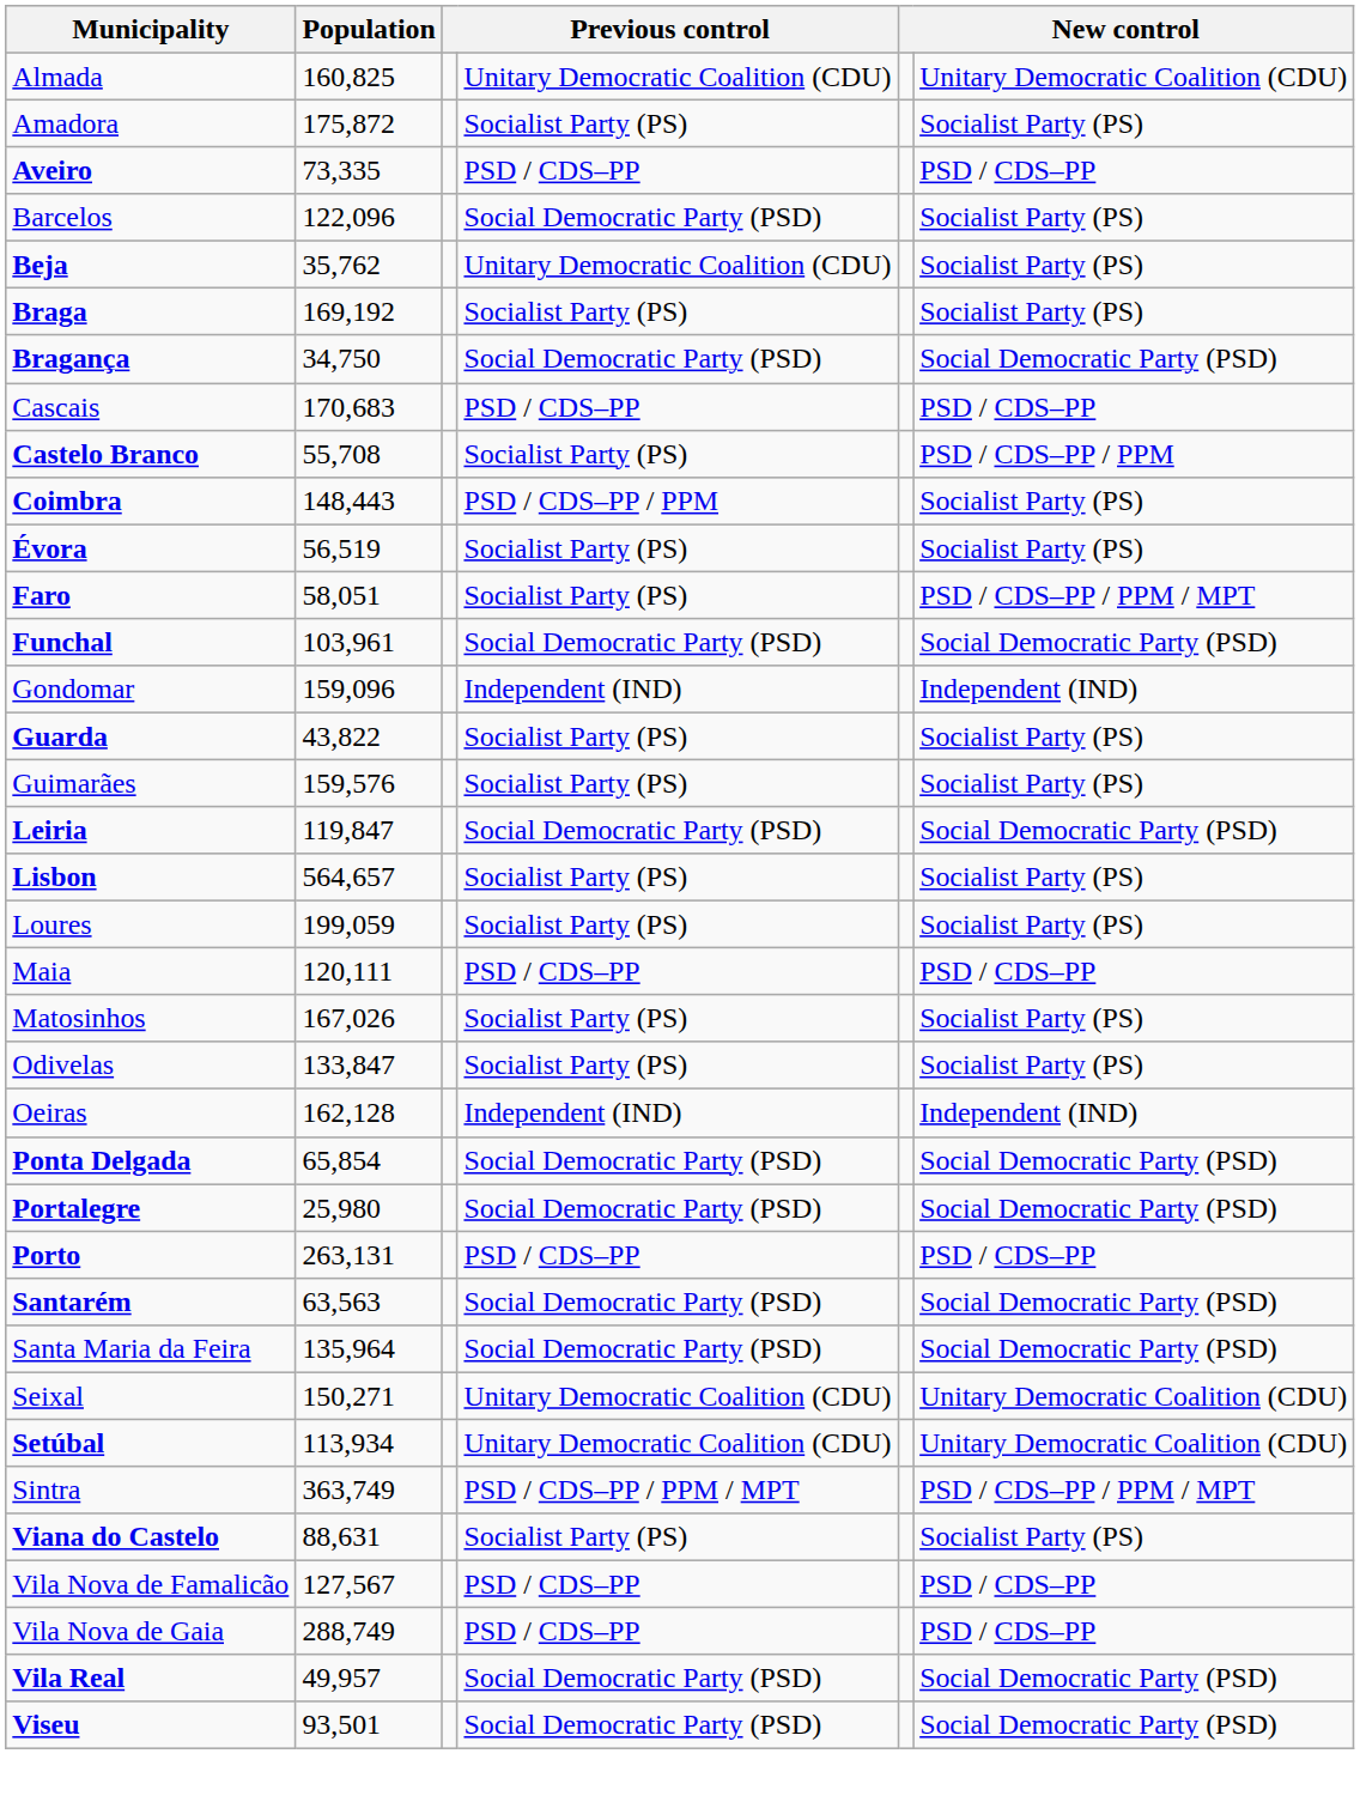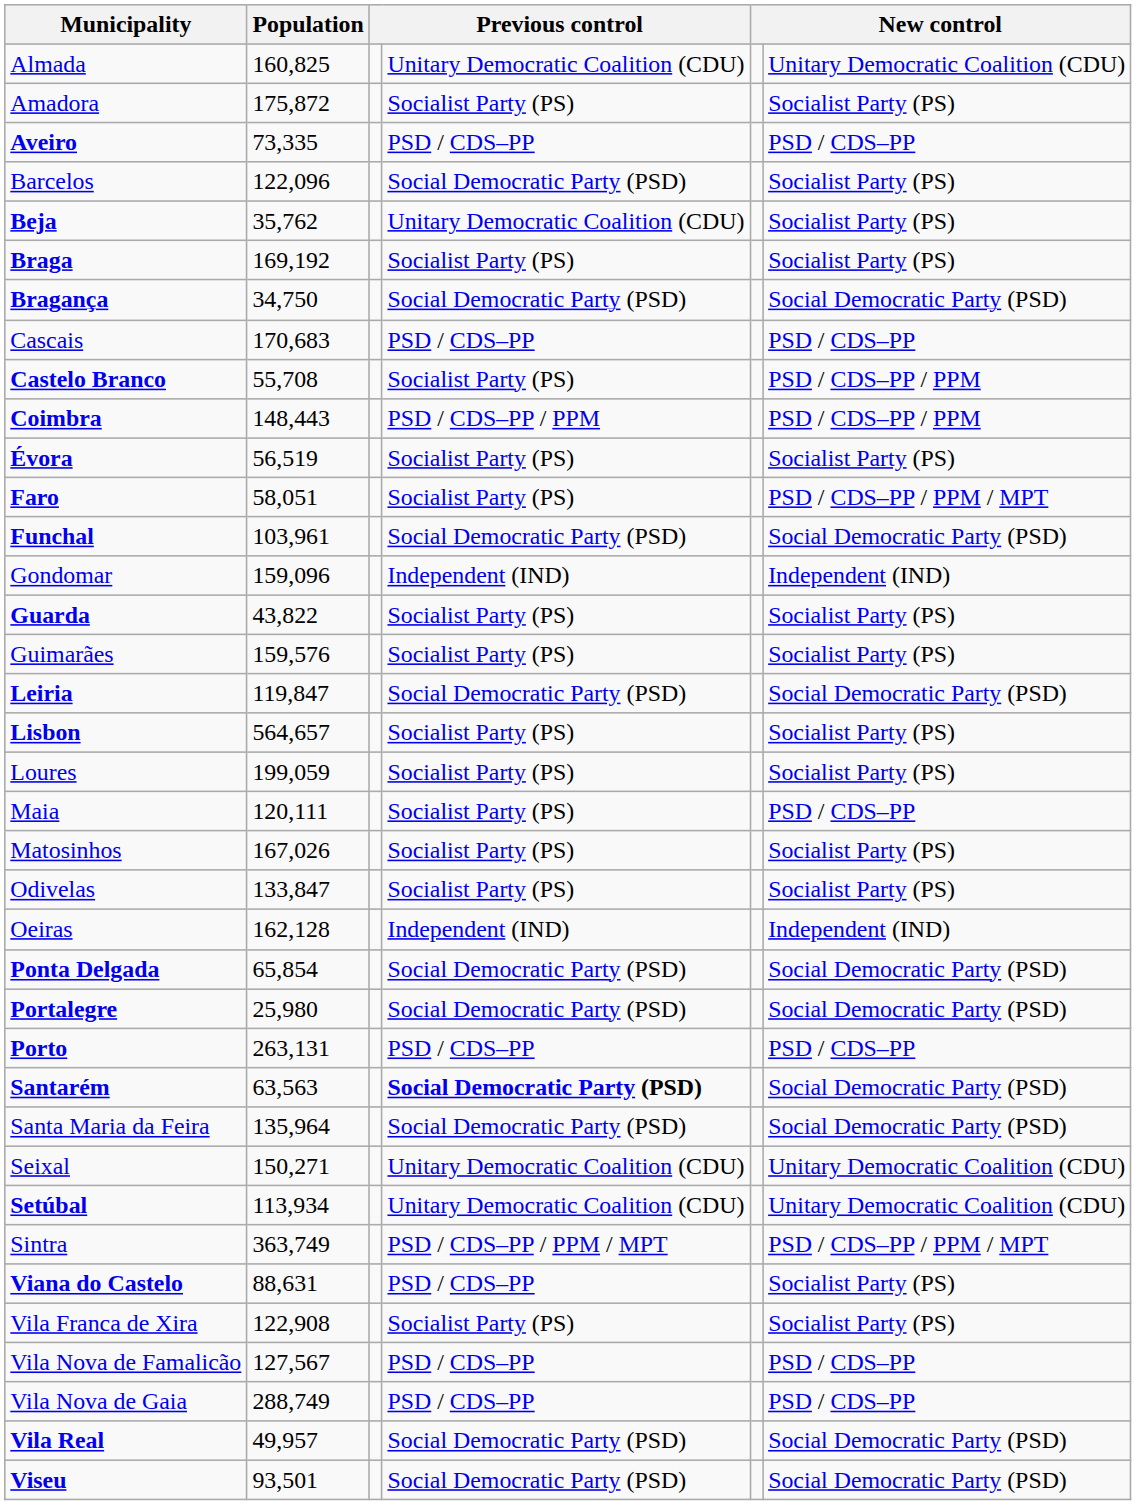 <table class="wikitable sortable" style="font-size:95%;">
 <tr>
 <th>Municipality</th>
 <th>Population</th>
 <th colspan="2" style="width:200px;">Previous control</th>
 <th colspan="2" style="width:200px;">New control</th>
 </tr>
 <tr>
 <td><a href='#'>Almada</a></td>
 <td>160,825</td>
 <td width="1" style="color:inherit;background:"></td>
 <td><a href='#'>Unitary Democratic Coalition</a> (CDU)</td>
 <td width="1" style="color:inherit;background:"></td>
 <td><a href='#'>Unitary Democratic Coalition</a> (CDU)</td>
 </tr>
 <tr>
 <td><a href='#'>Amadora</a></td>
 <td>175,872</td>
 <td width="1" style="color:inherit;background:"></td>
 <td><a href='#'>Socialist Party</a> (PS)</td>
 <td width="1" style="color:inherit;background:"></td>
 <td><a href='#'>Socialist Party</a> (PS)</td>
 </tr>
 <tr>
 <td><a href='#'><strong>Aveiro</strong></a></td>
 <td>73,335</td>
 <td width="1" style="color:inherit;background:"></td>
 <td><a href='#'>PSD</a> / <a href='#'>CDS–PP</a></td>
 <td width="1" style="color:inherit;background:"></td>
 <td><a href='#'>PSD</a> / <a href='#'>CDS–PP</a></td>
 </tr>
 <tr>
 <td><a href='#'>Barcelos</a></td>
 <td>122,096</td>
 <td width="1" style="color:inherit;background:"></td>
 <td><a href='#'>Social Democratic Party</a> (PSD)</td>
 <td width="1" style="color:inherit;background:"></td>
 <td><a href='#'>Socialist Party</a> (PS)</td>
 </tr>
 <tr>
 <td><a href='#'><strong>Beja</strong></a></td>
 <td>35,762</td>
 <td width="1" style="color:inherit;background:"></td>
 <td><a href='#'>Unitary Democratic Coalition</a> (CDU)</td>
 <td width="1" style="color:inherit;background:"></td>
 <td><a href='#'>Socialist Party</a> (PS)</td>
 </tr>
 <tr>
 <td><strong><a href='#'>Braga</a></strong></td>
 <td>169,192</td>
 <td width="1" style="color:inherit;background:"></td>
 <td><a href='#'>Socialist Party</a> (PS)</td>
 <td width="1" style="color:inherit;background:"></td>
 <td><a href='#'>Socialist Party</a> (PS)</td>
 </tr>
 <tr>
 <td><a href='#'><strong>Bragança</strong></a></td>
 <td>34,750</td>
 <td width="1" style="color:inherit;background:"></td>
 <td><a href='#'>Social Democratic Party</a> (PSD)</td>
 <td width="1" style="color:inherit;background:"></td>
 <td><a href='#'>Social Democratic Party</a> (PSD)</td>
 </tr>
 <tr>
 <td><a href='#'>Cascais</a></td>
 <td>170,683</td>
 <td width="1" style="color:inherit;background:"></td>
 <td><a href='#'>PSD</a> / <a href='#'>CDS–PP</a></td>
 <td width="1" style="color:inherit;background:"></td>
 <td><a href='#'>PSD</a> / <a href='#'>CDS–PP</a></td>
 </tr>
 <tr>
 <td><a href='#'><strong>Castelo Branco</strong></a></td>
 <td>55,708</td>
 <td width="1" style="color:inherit;background:"></td>
 <td><a href='#'>Socialist Party</a> (PS)</td>
 <td width="1" style="color:inherit;background:"></td>
 <td><a href='#'>PSD</a> / <a href='#'>CDS–PP</a> / <a href='#'>PPM</a></td>
 </tr>
 <tr>
 <td><strong><a href='#'>Coimbra</a></strong></td>
 <td>148,443</td>
 <td width="1" style="color:inherit;background:"></td>
 <td><a href='#'>PSD</a> / <a href='#'>CDS–PP</a> / <a href='#'>PPM</a></td>
 <td width="1" style="color:inherit;background:"></td>
-<td><a href='#'>Socialist Party</a> (PS)</td>
+<td><a href='#'>PSD</a> / <a href='#'>CDS–PP</a> / <a href='#'>PPM</a></td>
 </tr>
 <tr>
 <td><strong><a href='#'>Évora</a></strong></td>
 <td>56,519</td>
 <td width="1" style="color:inherit;background:"></td>
 <td><a href='#'>Socialist Party</a> (PS)</td>
 <td width="1" style="color:inherit;background:"></td>
 <td><a href='#'>Socialist Party</a> (PS)</td>
 </tr>
 <tr>
 <td><a href='#'><strong>Faro</strong></a></td>
 <td>58,051</td>
 <td width="1" style="color:inherit;background:"></td>
 <td><a href='#'>Socialist Party</a> (PS)</td>
 <td width="1" style="color:inherit;background:"></td>
 <td><a href='#'>PSD</a> / <a href='#'>CDS–PP</a> / <a href='#'>PPM</a> / <a href='#'>MPT</a></td>
 </tr>
 <tr>
 <td><strong><a href='#'>Funchal</a></strong></td>
 <td>103,961</td>
 <td width="1" style="color:inherit;background:"></td>
 <td><a href='#'>Social Democratic Party</a> (PSD)</td>
 <td width="1" style="color:inherit;background:"></td>
 <td><a href='#'>Social Democratic Party</a> (PSD)</td>
 </tr>
 <tr>
 <td><a href='#'>Gondomar</a></td>
 <td>159,096</td>
 <td width="1" style="color:inherit;background:"></td>
 <td><a href='#'>Independent</a> (IND)</td>
 <td width="1" style="color:inherit;background:"></td>
 <td><a href='#'>Independent</a> (IND)</td>
 </tr>
 <tr>
 <td><a href='#'><strong>Guarda</strong></a></td>
 <td>43,822</td>
 <td width="1" style="color:inherit;background:"></td>
 <td><a href='#'>Socialist Party</a> (PS)</td>
 <td width="1" style="color:inherit;background:"></td>
 <td><a href='#'>Socialist Party</a> (PS)</td>
 </tr>
 <tr>
 <td><a href='#'>Guimarães</a></td>
 <td>159,576</td>
 <td width="1" style="color:inherit;background:"></td>
 <td><a href='#'>Socialist Party</a> (PS)</td>
 <td width="1" style="color:inherit;background:"></td>
 <td><a href='#'>Socialist Party</a> (PS)</td>
 </tr>
 <tr>
 <td><strong><a href='#'>Leiria</a></strong></td>
 <td>119,847</td>
 <td width="1" style="color:inherit;background:"></td>
 <td><a href='#'>Social Democratic Party</a> (PSD)</td>
 <td width="1" style="color:inherit;background:"></td>
 <td><a href='#'>Social Democratic Party</a> (PSD)</td>
 </tr>
 <tr>
 <td><a href='#'><strong>Lisbon</strong></a></td>
 <td>564,657</td>
 <td width="1" style="color:inherit;background:"></td>
 <td><a href='#'>Socialist Party</a> (PS)</td>
 <td width="1" style="color:inherit;background:"></td>
 <td><a href='#'>Socialist Party</a> (PS)</td>
 </tr>
 <tr>
 <td><a href='#'>Loures</a></td>
 <td>199,059</td>
 <td width="1" style="color:inherit;background:"></td>
 <td><a href='#'>Socialist Party</a> (PS)</td>
 <td width="1" style="color:inherit;background:"></td>
 <td><a href='#'>Socialist Party</a> (PS)</td>
 </tr>
 <tr>
 <td><a href='#'>Maia</a></td>
 <td>120,111</td>
 <td width="1" style="color:inherit;background:"></td>
-<td><a href='#'>PSD</a> / <a href='#'>CDS–PP</a></td>
+<td><a href='#'>Socialist Party</a> (PS)</td>
 <td width="1" style="color:inherit;background:"></td>
 <td><a href='#'>PSD</a> / <a href='#'>CDS–PP</a></td>
 </tr>
 <tr>
 <td><a href='#'>Matosinhos</a></td>
 <td>167,026</td>
 <td width="1" style="color:inherit;background:"></td>
 <td><a href='#'>Socialist Party</a> (PS)</td>
 <td width="1" style="color:inherit;background:"></td>
 <td><a href='#'>Socialist Party</a> (PS)</td>
 </tr>
 <tr>
 <td><a href='#'>Odivelas</a></td>
 <td>133,847</td>
 <td width="1" style="color:inherit;background:"></td>
 <td><a href='#'>Socialist Party</a> (PS)</td>
 <td width="1" style="color:inherit;background:"></td>
 <td><a href='#'>Socialist Party</a> (PS)</td>
 </tr>
 <tr>
 <td><a href='#'>Oeiras</a></td>
 <td>162,128</td>
 <td width="1" style="color:inherit;background:"></td>
 <td><a href='#'>Independent</a> (IND)</td>
 <td width="1" style="color:inherit;background:"></td>
 <td><a href='#'>Independent</a> (IND)</td>
 </tr>
 <tr>
 <td><strong><a href='#'>Ponta Delgada</a></strong></td>
 <td>65,854</td>
 <td width="1" style="color:inherit;background:"></td>
 <td><a href='#'>Social Democratic Party</a> (PSD)</td>
 <td width="1" style="color:inherit;background:"></td>
 <td><a href='#'>Social Democratic Party</a> (PSD)</td>
 </tr>
 <tr>
 <td><a href='#'><strong>Portalegre</strong></a></td>
 <td>25,980</td>
 <td width="1" style="color:inherit;background:"></td>
 <td><a href='#'>Social Democratic Party</a> (PSD)</td>
 <td width="1" style="color:inherit;background:"></td>
 <td><a href='#'>Social Democratic Party</a> (PSD)</td>
 </tr>
 <tr>
 <td><strong><a href='#'>Porto</a></strong></td>
 <td>263,131</td>
 <td width="1" style="color:inherit;background:"></td>
 <td><a href='#'>PSD</a> / <a href='#'>CDS–PP</a></td>
 <td width="1" style="color:inherit;background:"></td>
 <td><a href='#'>PSD</a> / <a href='#'>CDS–PP</a></td>
 </tr>
 <tr>
 <td><a href='#'><strong>Santarém</strong></a></td>
 <td>63,563</td>
 <td width="1" style="color:inherit;background:"></td>
-<td><a href='#'>Social Democratic Party</a> (PSD)</td>
+<td><strong><a href='#'>Social Democratic Party</a> (PSD)</strong></td>
 <td width="1" style="color:inherit;background:"></td>
 <td><a href='#'>Social Democratic Party</a> (PSD)</td>
 </tr>
 <tr>
 <td><a href='#'>Santa Maria da Feira</a></td>
 <td>135,964</td>
 <td width="1" style="color:inherit;background:"></td>
 <td><a href='#'>Social Democratic Party</a> (PSD)</td>
 <td width="1" style="color:inherit;background:"></td>
 <td><a href='#'>Social Democratic Party</a> (PSD)</td>
 </tr>
 <tr>
 <td><a href='#'>Seixal</a></td>
 <td>150,271</td>
 <td width="1" style="color:inherit;background:"></td>
 <td><a href='#'>Unitary Democratic Coalition</a> (CDU)</td>
 <td width="1" style="color:inherit;background:"></td>
 <td><a href='#'>Unitary Democratic Coalition</a> (CDU)</td>
 </tr>
 <tr>
 <td><strong><a href='#'>Setúbal</a></strong></td>
 <td>113,934</td>
 <td width="1" style="color:inherit;background:"></td>
 <td><a href='#'>Unitary Democratic Coalition</a> (CDU)</td>
 <td width="1" style="color:inherit;background:"></td>
 <td><a href='#'>Unitary Democratic Coalition</a> (CDU)</td>
 </tr>
 <tr>
 <td><a href='#'>Sintra</a></td>
 <td>363,749</td>
 <td width="1" style="color:inherit;background:"></td>
 <td><a href='#'>PSD</a> / <a href='#'>CDS–PP</a> / <a href='#'>PPM</a> / <a href='#'>MPT</a></td>
 <td width="1" style="color:inherit;background:"></td>
 <td><a href='#'>PSD</a> / <a href='#'>CDS–PP</a> / <a href='#'>PPM</a> / <a href='#'>MPT</a></td>
 </tr>
 <tr>
 <td><strong><a href='#'>Viana do Castelo</a></strong></td>
 <td>88,631</td>
 <td width="1" style="color:inherit;background:"></td>
+<td><a href='#'>PSD</a> / <a href='#'>CDS–PP</a></td>
+<td width="1" style="color:inherit;background:"></td>
+<td><a href='#'>Socialist Party</a> (PS)</td>
+</tr>
+<tr>
+<td><a href='#'>Vila Franca de Xira</a></td>
+<td>122,908</td>
+<td width="1" style="color:inherit;background:"></td>
 <td><a href='#'>Socialist Party</a> (PS)</td>
 <td width="1" style="color:inherit;background:"></td>
 <td><a href='#'>Socialist Party</a> (PS)</td>
 </tr>
 <tr>
 <td><a href='#'>Vila Nova de Famalicão</a></td>
 <td>127,567</td>
 <td width="1" style="color:inherit;background:"></td>
 <td><a href='#'>PSD</a> / <a href='#'>CDS–PP</a></td>
 <td width="1" style="color:inherit;background:"></td>
 <td><a href='#'>PSD</a> / <a href='#'>CDS–PP</a></td>
 </tr>
 <tr>
 <td><a href='#'>Vila Nova de Gaia</a></td>
 <td>288,749</td>
 <td width="1" style="color:inherit;background:"></td>
 <td><a href='#'>PSD</a> / <a href='#'>CDS–PP</a></td>
 <td width="1" style="color:inherit;background:"></td>
 <td><a href='#'>PSD</a> / <a href='#'>CDS–PP</a></td>
 </tr>
 <tr>
 <td><strong><a href='#'>Vila Real</a></strong></td>
 <td>49,957</td>
 <td width="1" style="color:inherit;background:"></td>
 <td><a href='#'>Social Democratic Party</a> (PSD)</td>
 <td width="1" style="color:inherit;background:"></td>
 <td><a href='#'>Social Democratic Party</a> (PSD)</td>
 </tr>
 <tr>
 <td><strong><a href='#'>Viseu</a></strong></td>
 <td>93,501</td>
 <td width="1" style="color:inherit;background:"></td>
 <td><a href='#'>Social Democratic Party</a> (PSD)</td>
 <td width="1" style="color:inherit;background:"></td>
 <td><a href='#'>Social Democratic Party</a> (PSD)</td>
 </tr>
 </table>
